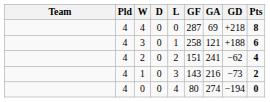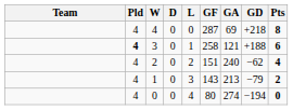 <table class="wikitable" style="text-align:center;">
 <tr>
 <th width=175>Team</th>
 <th width=20 abbr="Played">Pld</th>
 <th width=20 abbr="Won">W</th>
 <th width=20 abbr="Drawn">D</th>
 <th width=20 abbr="Lost">L</th>
 <th width=20 abbr="Goals for">GF</th>
 <th width=20 abbr="Goals against">GA</th>
 <th width=20 abbr="Goal difference">GD</th>
 <th width=20 abbr="Points">Pts</th>
 </tr>
 <tr>
 <td align=left></td>
 <td>4</td>
 <td>4</td>
 <td>0</td>
 <td>0</td>
 <td>287</td>
 <td>69</td>
 <td>+218</td>
 <td><strong>8</strong></td>
 </tr>
 <tr>
 <td align=left></td>
-<td>4</td>
+<td><strong>4</strong></td>
 <td>3</td>
 <td>0</td>
 <td>1</td>
 <td>258</td>
 <td>121</td>
 <td>+188</td>
 <td><strong>6</strong></td>
 </tr>
 <tr>
 <td align=left></td>
 <td>4</td>
 <td>2</td>
 <td>0</td>
 <td>2</td>
 <td>151</td>
-<td>241</td>
+<td>240</td>
 <td>−62</td>
 <td><strong>4</strong></td>
 </tr>
 <tr>
 <td align=left></td>
 <td>4</td>
 <td>1</td>
 <td>0</td>
 <td>3</td>
 <td>143</td>
-<td>216</td>
-<td>−73</td>
+<td>213</td>
+<td>−79</td>
 <td><strong>2</strong></td>
 </tr>
 <tr>
 <td align=left></td>
 <td>4</td>
 <td>0</td>
 <td>0</td>
 <td>4</td>
 <td>80</td>
 <td>274</td>
 <td>−194</td>
 <td><strong>0</strong></td>
 </tr>
 </table>
